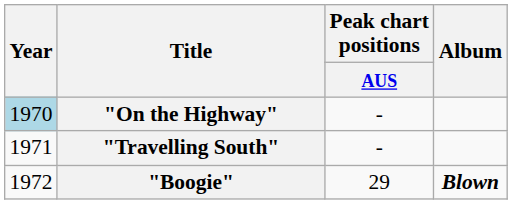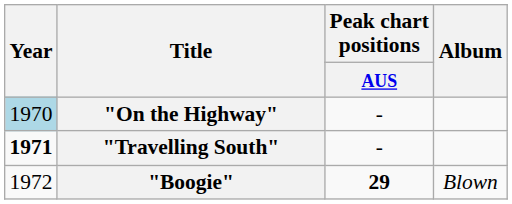 <table class="wikitable plainrowheaders" style="text-align:center;" border="1">
 <tr>
 <th scope="col" rowspan="2">Year</th>
 <th scope="col" rowspan="2" style="width:12em;">Title</th>
 <th scope="col" colspan="1">Peak chart<br>positions</th>
 <th scope="col" rowspan="2">Album</th>
 </tr>
 <tr>
 <th scope="col" style="text-align:center;"><small><a href='#'>AUS</a><br></small></th>
 </tr>
 <tr>
 <td style="background: lightblue;">1970</td>
 <th scope="row">"On the Highway"</th>
 <td style="text-align:center;">-</td>
 <td></td>
 </tr>
 <tr>
-<td>1971</td>
+<td><strong>1971</strong></td>
 <th scope="row">"Travelling South"</th>
 <td style="text-align:center;">-</td>
 <td></td>
 </tr>
 <tr>
 <td>1972</td>
 <th scope="row">"Boogie"</th>
-<td style="text-align:center;">29</td>
-<td><strong><em>Blown</em></strong></td>
+<td style="text-align:center;"><strong>29</strong></td>
+<td><em>Blown</em></td>
 </tr>
 </table>
